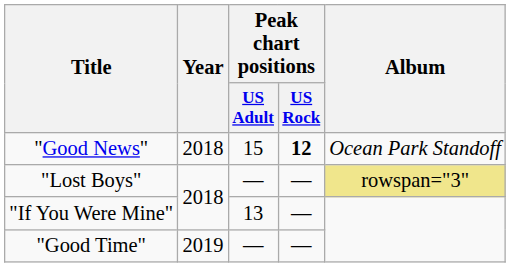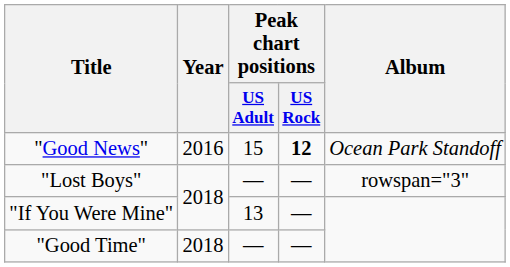 <table class="wikitable plainrowheaders" style="text-align: center">
 <tr>
 <th scope="col" rowspan="2">Title</th>
 <th scope="col" rowspan="2">Year</th>
 <th scope="col" colspan="2">Peak chart<br>positions</th>
 <th scope="col" rowspan="2">Album</th>
 </tr>
 <tr style="font-size:smaller;">
 <th scope="col" width="30"><a href='#'>US<br>Adult</a><br></th>
 <th scope="col" width="30"><a href='#'>US<br>Rock</a><br></th>
 </tr>
 <tr>
 <td scope="row">"<a href='#'>Good News</a>"</td>
-<td>2018</td>
+<td>2016</td>
 <td>15</td>
 <td><strong>12</strong></td>
 <td><em>Ocean Park Standoff</em></td>
 </tr>
 <tr>
 <td scope="row">"Lost Boys"<br></td>
 <td rowspan="2">2018</td>
 <td>—</td>
 <td>—</td>
-<td style="background: khaki;">rowspan="3" </td>
+<td>rowspan="3" </td>
 </tr>
 <tr>
 <td scope="row">"If You Were Mine"<br></td>
 <td>13</td>
 <td>—</td>
 </tr>
 <tr>
 <td scope="row">"Good Time"</td>
-<td>2019</td>
+<td>2018</td>
 <td>—</td>
 <td>—</td>
 </tr>
 </table>
